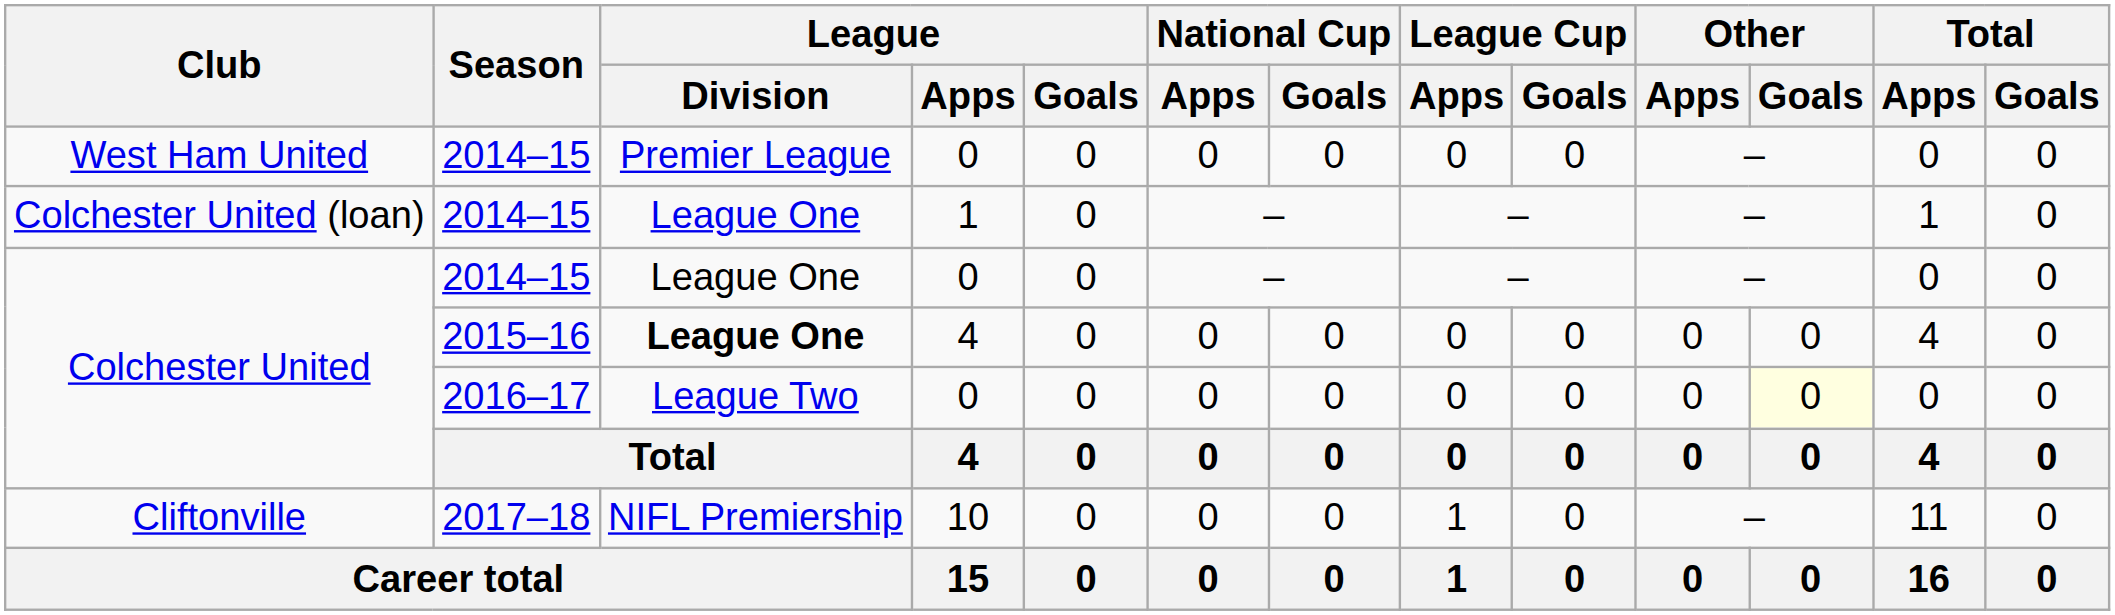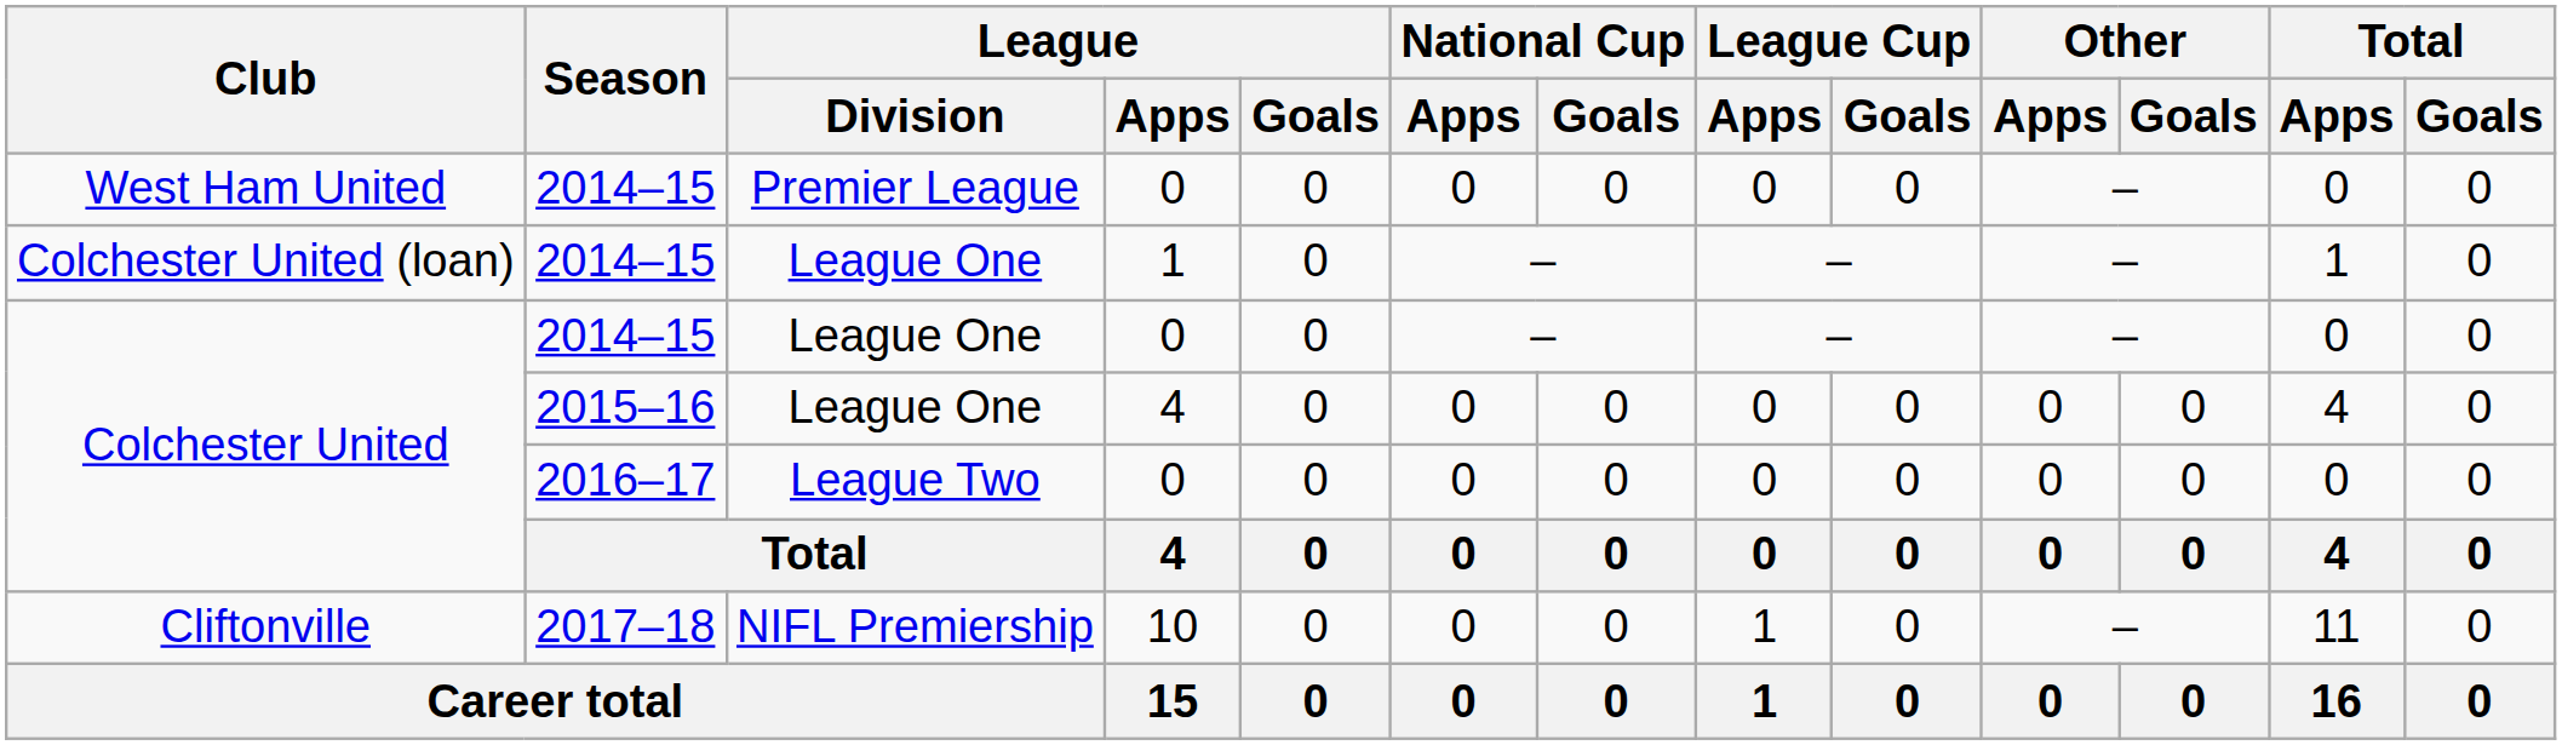 <table class="wikitable" style="text-align: center;">
 <tr>
 <th rowspan="2">Club</th>
 <th rowspan="2">Season</th>
 <th colspan="3">League</th>
 <th colspan="2">National Cup</th>
 <th colspan="2">League Cup</th>
 <th colspan="2">Other</th>
 <th colspan="2">Total</th>
 </tr>
 <tr>
 <th>Division</th>
 <th>Apps</th>
 <th>Goals</th>
 <th>Apps</th>
 <th>Goals</th>
 <th>Apps</th>
 <th>Goals</th>
 <th>Apps</th>
 <th>Goals</th>
 <th>Apps</th>
 <th>Goals</th>
 </tr>
 <tr>
 <td><a href='#'>West Ham United</a></td>
 <td><a href='#'>2014–15</a></td>
 <td><a href='#'>Premier League</a></td>
 <td>0</td>
 <td>0</td>
 <td>0</td>
 <td>0</td>
 <td>0</td>
 <td>0</td>
 <td colspan="2">–</td>
 <td>0</td>
 <td>0</td>
 </tr>
 <tr>
 <td><a href='#'>Colchester United</a> (loan)</td>
 <td><a href='#'>2014–15</a></td>
 <td><a href='#'>League One</a></td>
 <td>1</td>
 <td>0</td>
 <td colspan="2">–</td>
 <td colspan="2">–</td>
 <td colspan="2">–</td>
 <td>1</td>
 <td>0</td>
 </tr>
 <tr>
 <td rowspan="4"><a href='#'>Colchester United</a></td>
 <td><a href='#'>2014–15</a></td>
 <td>League One</td>
 <td>0</td>
 <td>0</td>
 <td colspan="2">–</td>
 <td colspan="2">–</td>
 <td colspan="2">–</td>
 <td>0</td>
 <td>0</td>
 </tr>
 <tr>
 <td><a href='#'>2015–16</a></td>
-<td><strong>League One</strong></td>
+<td>League One</td>
 <td>4</td>
 <td>0</td>
 <td>0</td>
 <td>0</td>
 <td>0</td>
 <td>0</td>
 <td>0</td>
 <td>0</td>
 <td>4</td>
 <td>0</td>
 </tr>
 <tr>
 <td><a href='#'>2016–17</a></td>
 <td><a href='#'>League Two</a></td>
 <td>0</td>
 <td>0</td>
 <td>0</td>
 <td>0</td>
 <td>0</td>
 <td>0</td>
 <td>0</td>
-<td style="background: lightyellow;">0</td>
+<td>0</td>
 <td>0</td>
 <td>0</td>
 </tr>
 <tr>
 <th colspan="2">Total</th>
 <th>4</th>
 <th>0</th>
 <th>0</th>
 <th>0</th>
 <th>0</th>
 <th>0</th>
 <th>0</th>
 <th>0</th>
 <th>4</th>
 <th>0</th>
 </tr>
 <tr>
 <td><a href='#'>Cliftonville</a></td>
 <td><a href='#'>2017–18</a></td>
 <td><a href='#'>NIFL Premiership</a></td>
 <td>10</td>
 <td>0</td>
 <td>0</td>
 <td>0</td>
 <td>1</td>
 <td>0</td>
 <td colspan="2">–</td>
 <td>11</td>
 <td>0</td>
 </tr>
 <tr>
 <th colspan="3">Career total</th>
 <th>15</th>
 <th>0</th>
 <th>0</th>
 <th>0</th>
 <th>1</th>
 <th>0</th>
 <th>0</th>
 <th>0</th>
 <th>16</th>
 <th>0</th>
 </tr>
 </table>
